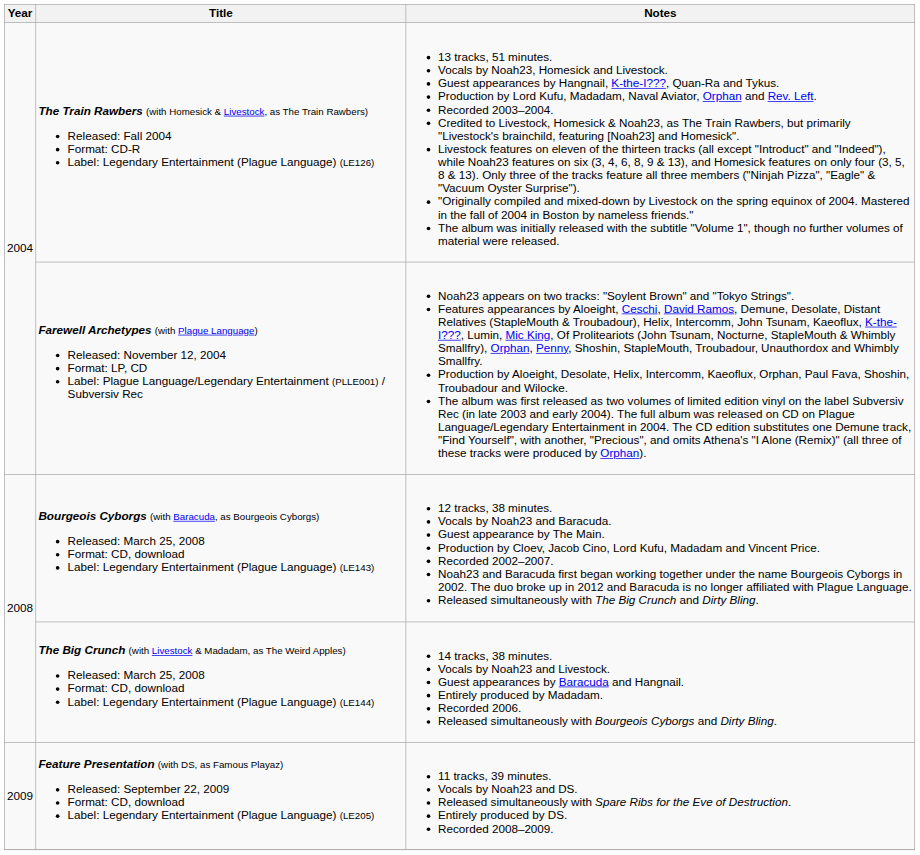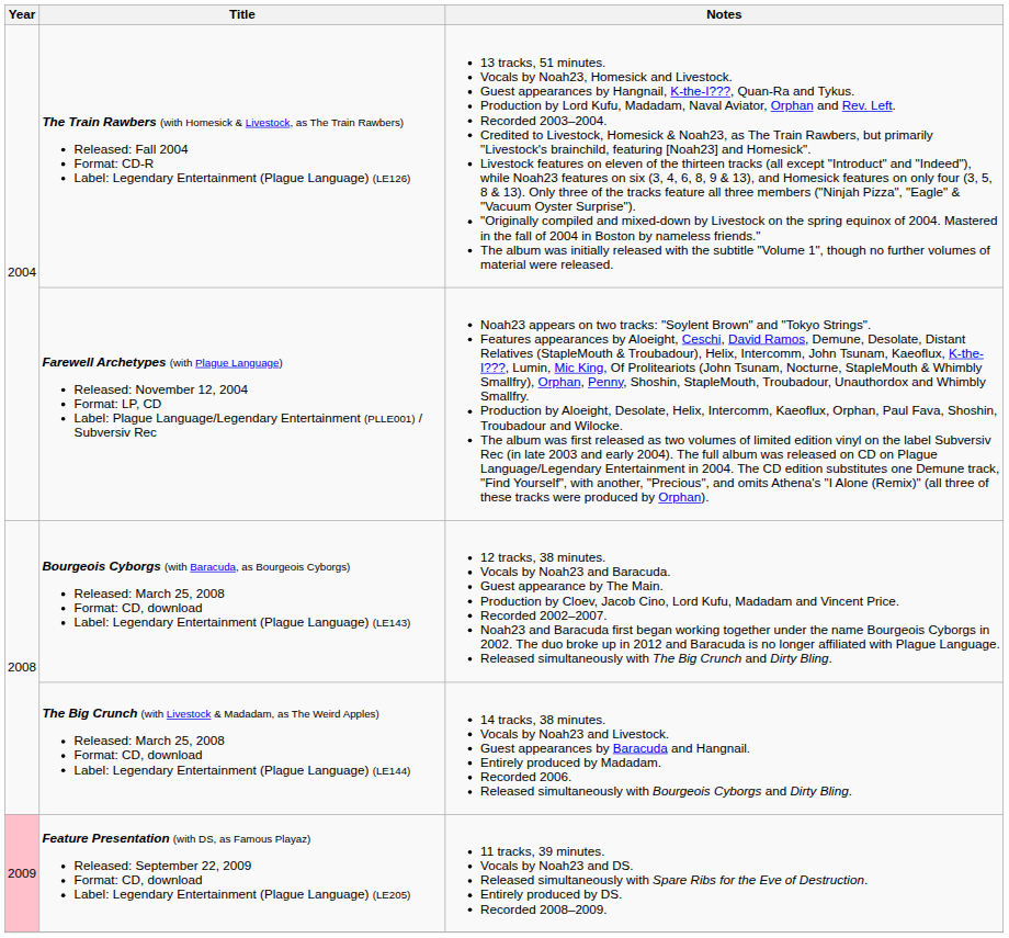 <table class="wikitable">
 <tr>
 <th rowspan="1" style="width:33px;">Year</th>
 <th rowspan="1" style="width:500px;">Title</th>
 <th rowspan="1">Notes</th>
 </tr>
 <tr>
 <td style="text-align:center;" rowspan="2">2004</td>
 <td><strong><em>The Train Rawbers</em></strong> <small>(with Homesick & <a href='#'>Livestock</a>, as The Train Rawbers)</small><br><ul><li>Released: Fall 2004</li><li>Format: CD-R</li><li>Label: Legendary Entertainment (Plague Language) <small>(LE126)</small></li></ul></td>
 <td><br><ul><li>13 tracks, 51 minutes.</li><li>Vocals by Noah23, Homesick and Livestock.</li><li>Guest appearances by Hangnail, <a href='#'>K-the-I???</a>, Quan-Ra and Tykus.</li><li>Production by Lord Kufu, Madadam, Naval Aviator, <a href='#'>Orphan</a> and <a href='#'>Rev. Left</a>.</li><li>Recorded 2003–2004.</li><li>Credited to Livestock, Homesick & Noah23, as The Train Rawbers, but primarily "Livestock's brainchild, featuring [Noah23] and Homesick".</li><li>Livestock features on eleven of the thirteen tracks (all except "Introduct" and "Indeed"), while Noah23 features on six (3, 4, 6, 8, 9 & 13), and Homesick features on only four (3, 5, 8 & 13). Only three of the tracks feature all three members ("Ninjah Pizza", "Eagle" & "Vacuum Oyster Surprise").</li><li>"Originally compiled and mixed-down by Livestock on the spring equinox of 2004. Mastered in the fall of 2004 in Boston by nameless friends."</li><li>The album was initially released with the subtitle "Volume 1", though no further volumes of material were released.</li></ul></td>
 </tr>
 <tr>
 <td><strong><em>Farewell Archetypes</em></strong> <small>(with <a href='#'>Plague Language</a>)</small><br><ul><li>Released: November 12, 2004</li><li>Format: LP, CD</li><li>Label: Plague Language/Legendary Entertainment <small>(PLLE001)</small> / Subversiv Rec</li></ul></td>
 <td><br><ul><li>Noah23 appears on two tracks: "Soylent Brown" and "Tokyo Strings".</li><li>Features appearances by Aloeight, <a href='#'>Ceschi</a>, <a href='#'>David Ramos</a>, Demune, Desolate, Distant Relatives (StapleMouth & Troubadour), Helix, Intercomm, John Tsunam, Kaeoflux, <a href='#'>K-the-I???</a>, Lumin, <a href='#'>Mic King</a>, Of Proliteariots (John Tsunam, Nocturne, StapleMouth & Whimbly Smallfry), <a href='#'>Orphan</a>, <a href='#'>Penny</a>, Shoshin, StapleMouth, Troubadour, Unauthordox and Whimbly Smallfry.</li><li>Production by Aloeight, Desolate, Helix, Intercomm, Kaeoflux, Orphan, Paul Fava, Shoshin, Troubadour and Wilocke.</li><li>The album was first released as two volumes of limited edition vinyl on the label Subversiv Rec (in late 2003 and early 2004). The full album was released on CD on Plague Language/Legendary Entertainment in 2004. The CD edition substitutes one Demune track, "Find Yourself", with another, "Precious", and omits Athena's "I Alone (Remix)" (all three of these tracks were produced by <a href='#'>Orphan</a>).</li></ul></td>
 </tr>
 <tr>
 <td style="text-align:center;" rowspan="2">2008</td>
 <td><strong><em>Bourgeois Cyborgs</em></strong> <small>(with <a href='#'>Baracuda</a>, as Bourgeois Cyborgs)</small><br><ul><li>Released: March 25, 2008</li><li>Format: CD, download</li><li>Label: Legendary Entertainment (Plague Language) <small>(LE143)</small></li></ul></td>
 <td><br><ul><li>12 tracks, 38 minutes.</li><li>Vocals by Noah23 and Baracuda.</li><li>Guest appearance by The Main.</li><li>Production by Cloev, Jacob Cino, Lord Kufu, Madadam and Vincent Price.</li><li>Recorded 2002–2007.</li><li>Noah23 and Baracuda first began working together under the name Bourgeois Cyborgs in 2002. The duo broke up in 2012 and Baracuda is no longer affiliated with Plague Language.</li><li>Released simultaneously with <em>The Big Crunch</em> and <em>Dirty Bling</em>.</li></ul></td>
 </tr>
 <tr>
 <td><strong><em>The Big Crunch</em></strong> <small>(with <a href='#'>Livestock</a> & Madadam, as The Weird Apples)</small><br><ul><li>Released: March 25, 2008</li><li>Format: CD, download</li><li>Label: Legendary Entertainment (Plague Language) <small>(LE144)</small></li></ul></td>
 <td><br><ul><li>14 tracks, 38 minutes.</li><li>Vocals by Noah23 and Livestock.</li><li>Guest appearances by <a href='#'>Baracuda</a> and Hangnail.</li><li>Entirely produced by Madadam.</li><li>Recorded 2006.</li><li>Released simultaneously with <em>Bourgeois Cyborgs</em> and <em>Dirty Bling</em>.</li></ul></td>
 </tr>
 <tr>
-<td style="text-align:center;" rowspan="1">2009</td>
+<td style="background: pink; text-align:center;" rowspan="1">2009</td>
 <td><strong><em>Feature Presentation</em></strong> <small>(with DS, as Famous Playaz)</small><br><ul><li>Released: September 22, 2009</li><li>Format: CD, download</li><li>Label: Legendary Entertainment (Plague Language) <small>(LE205)</small></li></ul></td>
 <td><br><ul><li>11 tracks, 39 minutes.</li><li>Vocals by Noah23 and DS.</li><li>Released simultaneously with <em>Spare Ribs for the Eve of Destruction</em>.</li><li>Entirely produced by DS.</li><li>Recorded 2008–2009.</li></ul></td>
 </tr>
 <tr>
 </tr>
 </table>
